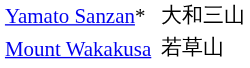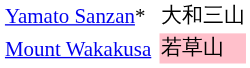 <table>
 <tr>
 <td><a href='#'>Yamato Sanzan</a>*  </td>
 <td>大和三山</td>
 </tr>
 <tr>
 <td><a href='#'>Mount Wakakusa</a></td>
-<td>若草山</td>
+<td style="background: pink;">若草山</td>
 </tr>
 <tr>
 <td colspan="2"></td>
 </tr>
 </table>
